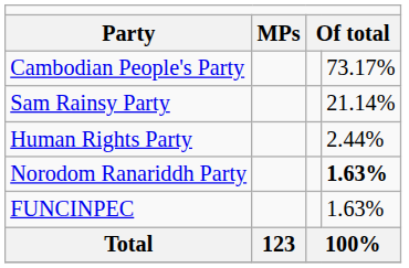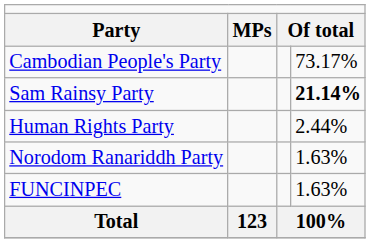 <table class=wikitable>
 <tr>
 <td colspan=9></td>
 </tr>
 <tr>
 <th>Party</th>
 <th>MPs</th>
 <th colspan=2>Of total</th>
 </tr>
 <tr>
 <td><a href='#'>Cambodian People's Party</a></td>
 <td></td>
 <td><div><div>  </div></div></td>
 <td>73.17%</td>
 </tr>
 <tr>
 <td><a href='#'>Sam Rainsy Party</a></td>
 <td></td>
 <td><div><div>  </div></div></td>
-<td>21.14%</td>
+<td><strong>21.14%</strong></td>
 </tr>
 <tr>
 <td><a href='#'>Human Rights Party</a></td>
 <td></td>
 <td><div><div>  </div></div></td>
 <td>2.44%</td>
 </tr>
 <tr>
 <td><a href='#'>Norodom Ranariddh Party</a></td>
 <td></td>
 <td><div><div>  </div></div></td>
-<td><strong>1.63%</strong></td>
+<td>1.63%</td>
 </tr>
 <tr>
 <td><a href='#'>FUNCINPEC</a></td>
 <td></td>
 <td><div><div>  </div></div></td>
 <td>1.63%</td>
 </tr>
 <tr>
 <th colspan="1"><strong>Total</strong></th>
 <th colspan="1"><strong>123</strong></th>
 <th colspan="2"><strong>100%</strong></th>
 </tr>
 <tr>
 </tr>
 </table>
